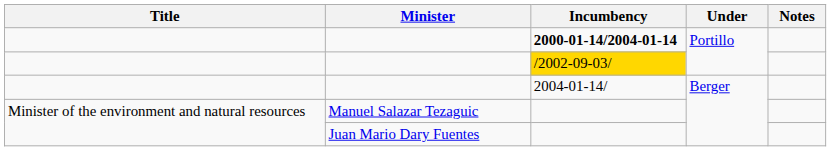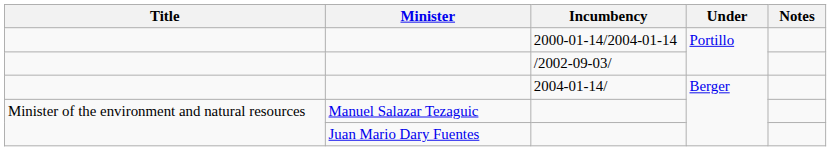 <table class="wikitable" style="width:100%;">
 <tr>
 <th>Title</th>
 <th style="width:25%;"><a href='#'>Minister</a></th>
 <th style="width:160px;">Incumbency</th>
 <th style="width:10%;">Under</th>
 <th style="width:7%;">Notes</th>
 </tr>
 <tr>
 <td></td>
 <td></td>
-<td><strong>2000-01-14/2004-01-14</strong></td>
+<td>2000-01-14/2004-01-14</td>
 <td rowspan="2" style="vertical-align:top;"><a href='#'>Portillo</a></td>
 <td></td>
 </tr>
 <tr>
 <td></td>
 <td></td>
-<td style="background: gold;">/2002-09-03/</td>
+<td>/2002-09-03/</td>
 <td></td>
 </tr>
 <tr>
 <td></td>
 <td></td>
 <td>2004-01-14/</td>
 <td rowspan="3" style="vertical-align:top;"><a href='#'>Berger</a></td>
 <td></td>
 </tr>
 <tr>
 <td rowspan="2" style="vertical-align:top;">Minister of the environment and natural resources</td>
 <td><a href='#'>Manuel Salazar Tezaguic</a></td>
 <td></td>
 <td></td>
 </tr>
 <tr>
 <td><a href='#'>Juan Mario Dary Fuentes</a></td>
 <td></td>
 <td></td>
 </tr>
 </table>
